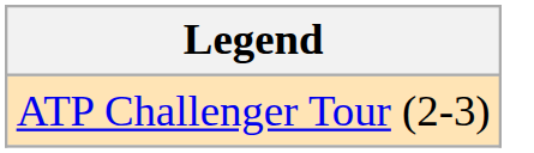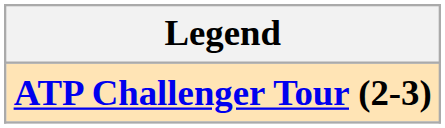 <table class=wikitable>
 <tr>
 <th>Legend</th>
 </tr>
 <tr bgcolor=moccasin>
-<td><a href='#'>ATP Challenger Tour</a> (2-3)</td>
+<td><strong><a href='#'>ATP Challenger Tour</a> (2-3)</strong></td>
 </tr>
 </table>
